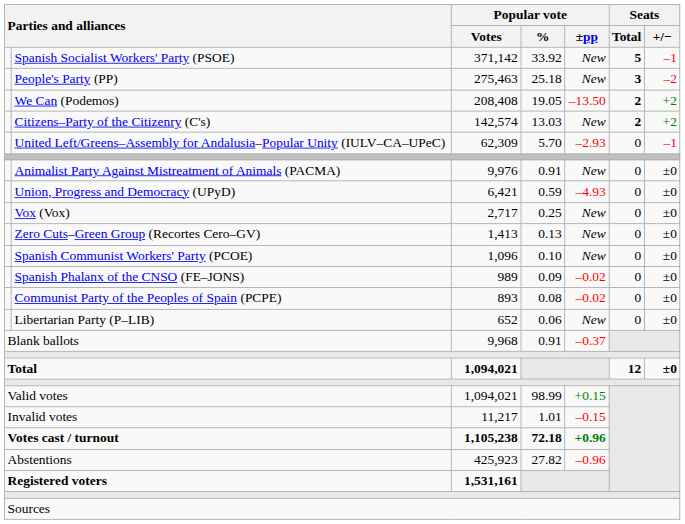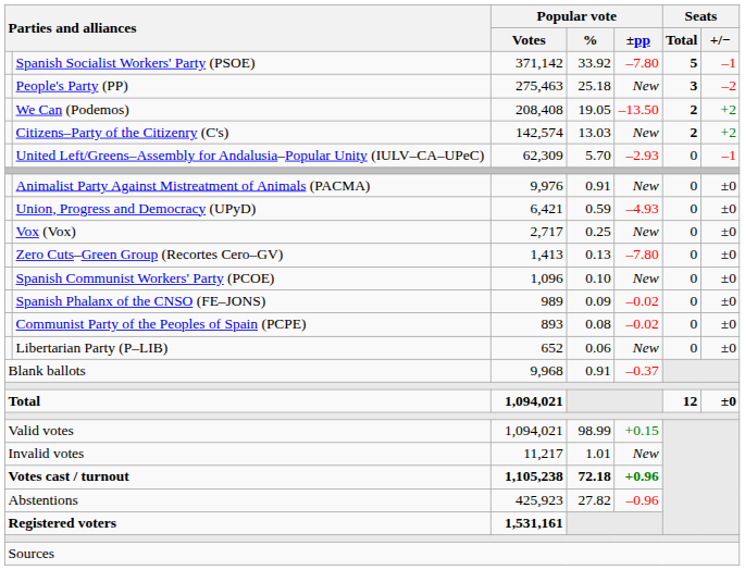 <table class="wikitable" style="text-align:right;">
 <tr>
 <th style="text-align:left;" rowspan="2" colspan="2" width="525">Parties and alliances</th>
 <th colspan="3">Popular vote</th>
 <th colspan="2">Seats</th>
 </tr>
 <tr>
 <th width="75">Votes</th>
 <th width="45">%</th>
 <th width="45">±<a href='#'>pp</a></th>
 <th width="35">Total</th>
 <th width="35">+/−</th>
 </tr>
 <tr>
 <td width="1" style="color:inherit;background:"></td>
 <td align="left"><a href='#'>Spanish Socialist Workers' Party</a> (PSOE)</td>
 <td>371,142</td>
 <td>33.92</td>
-<td><em>New</em></td>
+<td style="color:red;">–7.80</td>
 <td><strong>5</strong></td>
 <td style="color:red;">–1</td>
 </tr>
 <tr>
 <td style="color:inherit;background:"></td>
 <td align="left"><a href='#'>People's Party</a> (PP)</td>
 <td>275,463</td>
 <td>25.18</td>
 <td><em>New</em></td>
 <td><strong>3</strong></td>
 <td style="color:red;">–2</td>
 </tr>
 <tr>
 <td style="color:inherit;background:"></td>
 <td align="left"><a href='#'>We Can</a> (Podemos)</td>
 <td>208,408</td>
 <td>19.05</td>
 <td style="color:red;">–13.50</td>
 <td><strong>2</strong></td>
 <td style="color:green;">+2</td>
 </tr>
 <tr>
 <td style="color:inherit;background:"></td>
 <td align="left"><a href='#'>Citizens–Party of the Citizenry</a> (C's)</td>
 <td>142,574</td>
 <td>13.03</td>
 <td><em>New</em></td>
 <td><strong>2</strong></td>
 <td style="color:green;">+2</td>
 </tr>
 <tr>
 <td style="color:inherit;background:"></td>
 <td align="left"><a href='#'>United Left/Greens–Assembly for Andalusia</a>–<a href='#'>Popular Unity</a> (IULV–CA–UPeC)</td>
 <td>62,309</td>
 <td>5.70</td>
 <td style="color:red;">–2.93</td>
 <td>0</td>
 <td style="color:red;">–1</td>
 </tr>
 <tr>
 <td colspan="7" bgcolor="#C0C0C0"></td>
 </tr>
 <tr>
 <td style="color:inherit;background:"></td>
 <td align="left"><a href='#'>Animalist Party Against Mistreatment of Animals</a> (PACMA)</td>
 <td>9,976</td>
 <td>0.91</td>
 <td><em>New</em></td>
 <td>0</td>
 <td>±0</td>
 </tr>
 <tr>
 <td style="color:inherit;background:"></td>
 <td align="left"><a href='#'>Union, Progress and Democracy</a> (UPyD)</td>
 <td>6,421</td>
 <td>0.59</td>
 <td style="color:red;">–4.93</td>
 <td>0</td>
 <td>±0</td>
 </tr>
 <tr>
 <td style="color:inherit;background:"></td>
 <td align="left"><a href='#'>Vox</a> (Vox)</td>
 <td>2,717</td>
 <td>0.25</td>
 <td><em>New</em></td>
 <td>0</td>
 <td>±0</td>
 </tr>
 <tr>
 <td style="color:inherit;background:"></td>
 <td align="left"><a href='#'>Zero Cuts</a>–<a href='#'>Green Group</a> (Recortes Cero–GV)</td>
 <td>1,413</td>
 <td>0.13</td>
-<td><em>New</em></td>
+<td style="color:red;">–7.80</td>
 <td>0</td>
 <td>±0</td>
 </tr>
 <tr>
 <td style="color:inherit;background:"></td>
 <td align="left"><a href='#'>Spanish Communist Workers' Party</a> (PCOE)</td>
 <td>1,096</td>
 <td>0.10</td>
 <td><em>New</em></td>
 <td>0</td>
 <td>±0</td>
 </tr>
 <tr>
 <td style="color:inherit;background:"></td>
 <td align="left"><a href='#'>Spanish Phalanx of the CNSO</a> (FE–JONS)</td>
 <td>989</td>
 <td>0.09</td>
 <td style="color:red;">–0.02</td>
 <td>0</td>
 <td>±0</td>
 </tr>
 <tr>
 <td style="color:inherit;background:"></td>
 <td align="left"><a href='#'>Communist Party of the Peoples of Spain</a> (PCPE)</td>
 <td>893</td>
 <td>0.08</td>
 <td style="color:red;">–0.02</td>
 <td>0</td>
 <td>±0</td>
 </tr>
 <tr>
 <td style="color:inherit;background:"></td>
 <td align="left">Libertarian Party (P–LIB)</td>
 <td>652</td>
 <td>0.06</td>
 <td><em>New</em></td>
 <td>0</td>
 <td>±0</td>
 </tr>
 <tr>
 <td align="left" colspan="2">Blank ballots</td>
 <td>9,968</td>
 <td>0.91</td>
 <td style="color:red;">–0.37</td>
 <td bgcolor="#E9E9E9" colspan="2"></td>
 </tr>
 <tr>
 <td colspan="7" bgcolor="#E9E9E9"></td>
 </tr>
 <tr style="font-weight:bold;">
 <td align="left" colspan="2">Total</td>
 <td>1,094,021</td>
 <td bgcolor="#E9E9E9" colspan="2"></td>
 <td>12</td>
 <td>±0</td>
 </tr>
 <tr>
 <td colspan="7" bgcolor="#E9E9E9"></td>
 </tr>
 <tr>
 <td align="left" colspan="2">Valid votes</td>
 <td>1,094,021</td>
 <td>98.99</td>
 <td style="color:green;">+0.15</td>
 <td bgcolor="#E9E9E9" colspan="2" rowspan="5"></td>
 </tr>
 <tr>
 <td align="left" colspan="2">Invalid votes</td>
 <td>11,217</td>
 <td>1.01</td>
-<td style="color:red;">–0.15</td>
+<td><em>New</em></td>
 </tr>
 <tr style="font-weight:bold;">
 <td align="left" colspan="2">Votes cast / turnout</td>
 <td>1,105,238</td>
 <td>72.18</td>
 <td style="color:green;">+0.96</td>
 </tr>
 <tr>
 <td align="left" colspan="2">Abstentions</td>
 <td>425,923</td>
 <td>27.82</td>
 <td style="color:red;">–0.96</td>
 </tr>
 <tr style="font-weight:bold;">
 <td align="left" colspan="2">Registered voters</td>
 <td>1,531,161</td>
 <td bgcolor="#E9E9E9" colspan="2"></td>
 </tr>
 <tr>
 <td colspan="7" bgcolor="#E9E9E9"></td>
 </tr>
 <tr>
 <td align="left" colspan="7">Sources</td>
 </tr>
 </table>
